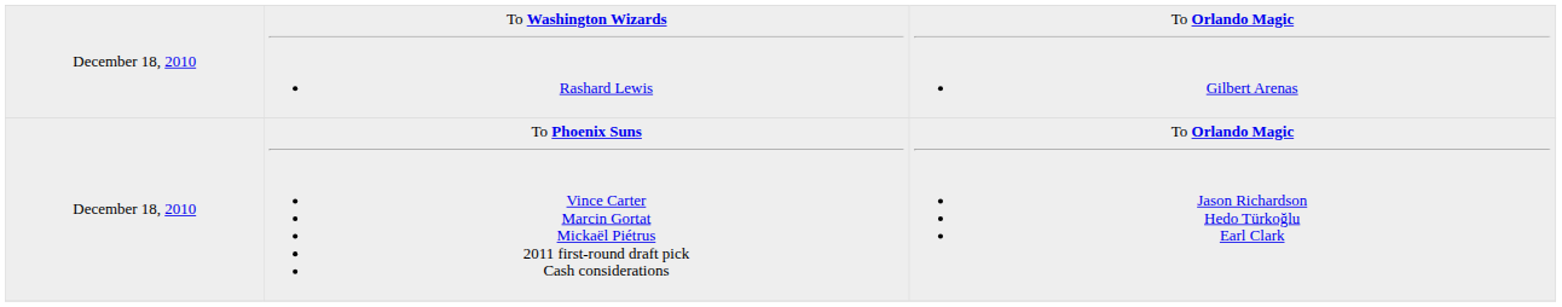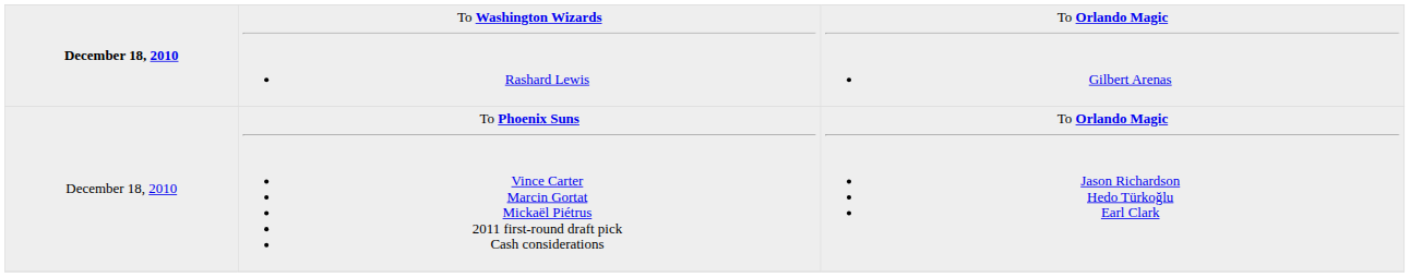 <table border=1 style="border-collapse:collapse; text-align: center; width: 100%" bordercolor="#DFDFDF"  cellpadding="5">
 <tr>
 </tr>
 <tr bgcolor="eeeeee">
-<td style="width:12%">December 18, <a href='#'>2010</a></td>
+<td style="width:12%"><strong>December 18, <a href='#'>2010</a></strong></td>
 <td style="width:30%" valign="top">To <strong><a href='#'>Washington Wizards</a></strong><hr><br><ul><li> <a href='#'>Rashard Lewis</a></li></ul></td>
 <td style="width:30%" valign="top">To <strong><a href='#'>Orlando Magic</a></strong><hr><br><ul><li> <a href='#'>Gilbert Arenas</a></li></ul></td>
 </tr>
 <tr>
 </tr>
 <tr bgcolor="eeeeee">
 <td style="width:12%">December 18, <a href='#'>2010</a></td>
 <td style="width:30%" valign="top">To <strong><a href='#'>Phoenix Suns</a></strong><hr><br><ul><li> <a href='#'>Vince Carter</a></li><li> <a href='#'>Marcin Gortat</a></li><li> <a href='#'>Mickaël Piétrus</a></li><li>2011 first-round draft pick</li><li>Cash considerations</li></ul></td>
 <td style="width:30%" valign="top">To <strong><a href='#'>Orlando Magic</a></strong><hr><br><ul><li> <a href='#'>Jason Richardson</a></li><li> <a href='#'>Hedo Türkoğlu</a></li><li> <a href='#'>Earl Clark</a></li></ul></td>
 </tr>
 <tr>
 </tr>
 </table>
